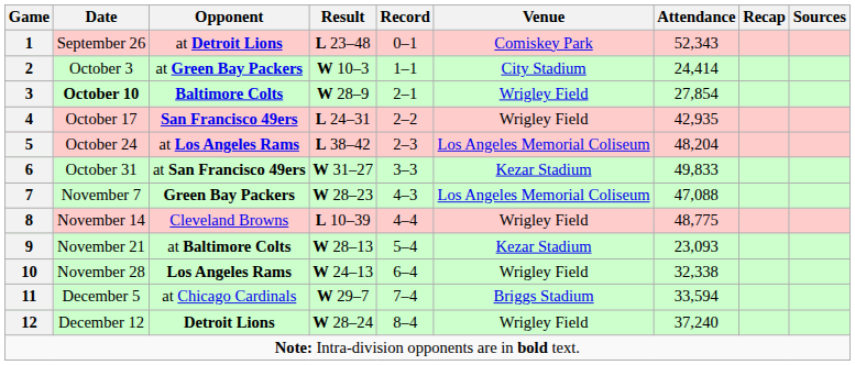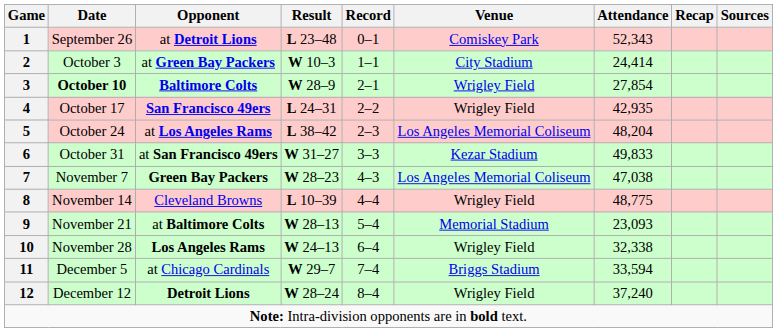 <table class="wikitable" style="text-align:center">
 <tr>
 <th>Game</th>
 <th>Date</th>
 <th>Opponent</th>
 <th>Result</th>
 <th>Record</th>
 <th>Venue</th>
 <th>Attendance</th>
 <th>Recap</th>
 <th>Sources</th>
 </tr>
 <tr style="background:#fcc">
 <th>1</th>
 <td>September 26</td>
 <td>at <strong><a href='#'>Detroit Lions</a></strong></td>
 <td><strong>L</strong> 23–48</td>
 <td>0–1</td>
 <td><a href='#'>Comiskey Park</a></td>
 <td>52,343</td>
 <td></td>
 <td></td>
 </tr>
 <tr style="background:#cfc">
 <th>2</th>
 <td>October 3</td>
 <td>at <strong><a href='#'>Green Bay Packers</a></strong></td>
 <td><strong>W</strong> 10–3</td>
 <td>1–1</td>
 <td><a href='#'>City Stadium</a></td>
 <td>24,414</td>
 <td></td>
 <td></td>
 </tr>
 <tr style="background:#cfc">
 <th>3</th>
 <td><strong>October 10</strong></td>
 <td><strong><a href='#'>Baltimore Colts</a></strong></td>
 <td><strong>W</strong> 28–9</td>
 <td>2–1</td>
 <td><a href='#'>Wrigley Field</a></td>
 <td>27,854</td>
 <td></td>
 <td></td>
 </tr>
 <tr style="background:#fcc">
 <th>4</th>
 <td>October 17</td>
 <td><strong><a href='#'>San Francisco 49ers</a></strong></td>
 <td><strong>L</strong> 24–31</td>
 <td>2–2</td>
 <td>Wrigley Field</td>
 <td>42,935</td>
 <td></td>
 <td></td>
 </tr>
 <tr style="background:#fcc">
 <th>5</th>
 <td>October 24</td>
 <td>at <strong><a href='#'>Los Angeles Rams</a></strong></td>
 <td><strong>L</strong> 38–42</td>
 <td>2–3</td>
 <td><a href='#'>Los Angeles Memorial Coliseum</a></td>
 <td>48,204</td>
 <td></td>
 <td></td>
 </tr>
 <tr style="background:#cfc">
 <th>6</th>
 <td>October 31</td>
 <td>at <strong>San Francisco 49ers</strong></td>
 <td><strong>W</strong> 31–27</td>
 <td>3–3</td>
 <td><a href='#'>Kezar Stadium</a></td>
 <td>49,833</td>
 <td></td>
 <td></td>
 </tr>
 <tr style="background:#cfc">
 <th>7</th>
 <td>November 7</td>
 <td><strong>Green Bay Packers</strong></td>
 <td><strong>W</strong> 28–23</td>
 <td>4–3</td>
 <td><a href='#'>Los Angeles Memorial Coliseum</a></td>
-<td>47,088</td>
+<td>47,038</td>
 <td></td>
 <td></td>
 </tr>
 <tr style="background:#fcc">
 <th>8</th>
 <td>November 14</td>
 <td><a href='#'>Cleveland Browns</a></td>
 <td><strong>L</strong> 10–39</td>
 <td>4–4</td>
 <td>Wrigley Field</td>
 <td>48,775</td>
 <td></td>
 <td></td>
 </tr>
 <tr style="background:#cfc">
 <th>9</th>
 <td>November 21</td>
 <td>at <strong>Baltimore Colts</strong></td>
 <td><strong>W</strong> 28–13</td>
 <td>5–4</td>
-<td><a href='#'>Kezar Stadium</a></td>
+<td><a href='#'>Memorial Stadium</a></td>
 <td>23,093</td>
 <td></td>
 <td></td>
 </tr>
 <tr style="background:#cfc">
 <th>10</th>
 <td>November 28</td>
 <td><strong>Los Angeles Rams</strong></td>
 <td><strong>W</strong> 24–13</td>
 <td>6–4</td>
 <td>Wrigley Field</td>
 <td>32,338</td>
 <td></td>
 <td></td>
 </tr>
 <tr style="background:#cfc">
 <th>11</th>
 <td>December 5</td>
 <td>at <a href='#'>Chicago Cardinals</a></td>
 <td><strong>W</strong> 29–7</td>
 <td>7–4</td>
 <td><a href='#'>Briggs Stadium</a></td>
 <td>33,594</td>
 <td></td>
 <td></td>
 </tr>
 <tr style="background:#cfc">
 <th>12</th>
 <td>December 12</td>
 <td><strong>Detroit Lions</strong></td>
 <td><strong>W</strong> 28–24</td>
 <td>8–4</td>
 <td>Wrigley Field</td>
 <td>37,240</td>
 <td></td>
 <td></td>
 </tr>
 <tr>
 <td colspan="10"><strong>Note:</strong> Intra-division opponents are in <strong>bold</strong> text.</td>
 </tr>
 </table>
